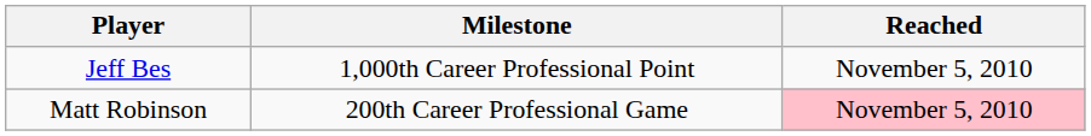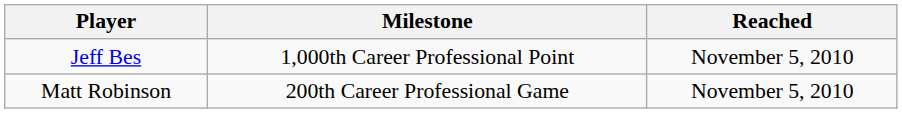 <table class="wikitable" width="52%" style="text-align:center">
 <tr>
 <th>Player</th>
 <th>Milestone</th>
 <th>Reached</th>
 </tr>
 <tr>
 <td><a href='#'>Jeff Bes</a></td>
 <td>1,000th Career Professional Point</td>
 <td>November 5, 2010</td>
 </tr>
 <tr>
 <td>Matt Robinson</td>
 <td>200th Career Professional Game</td>
-<td style="background: pink;">November 5, 2010</td>
+<td>November 5, 2010</td>
 </tr>
 </table>
